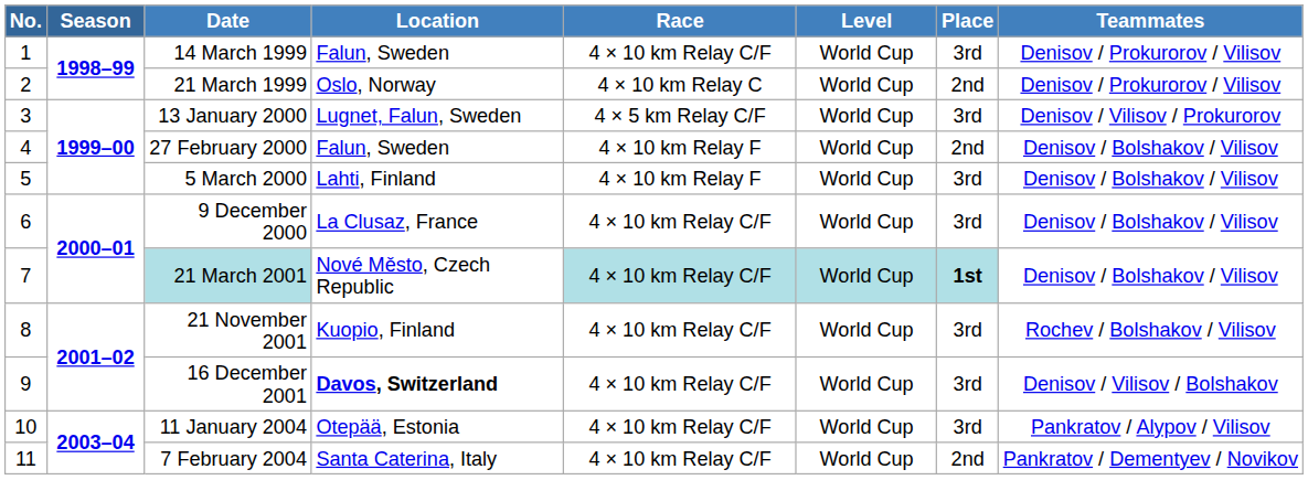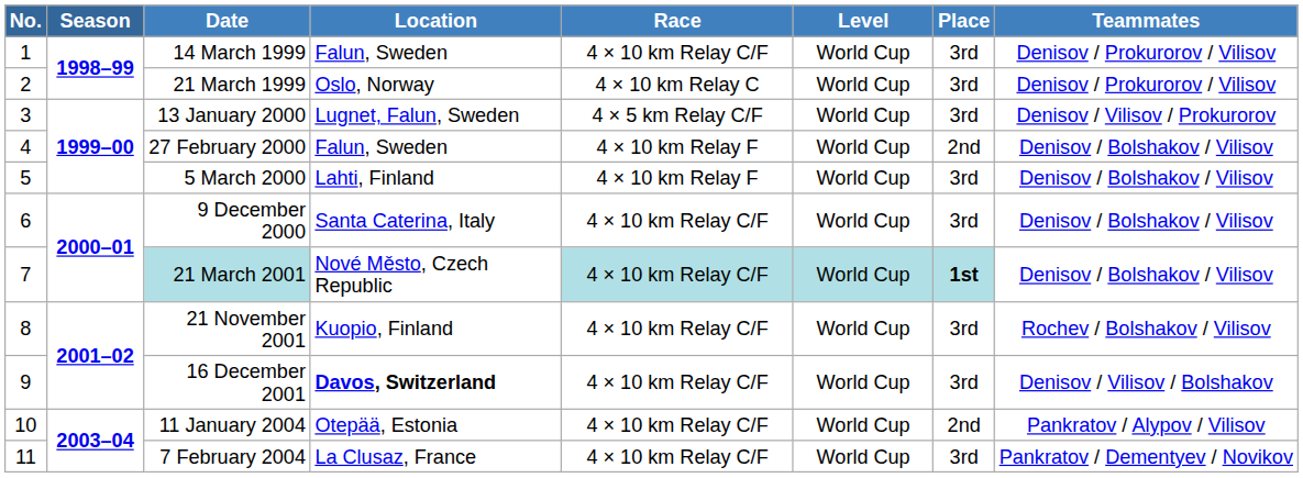 <table class="wikitable sortable" style="font-size:95%; text-align:center; border:grey solid 1px; border-collapse:collapse; background:#ffffff;">
 <tr style="background:#efefef;">
 <th style="background-color:#369; color:white;">No.</th>
 <th style="background-color:#369; color:white;">Season</th>
 <th style="background-color:#4180be; color:white; width:120px;">Date</th>
 <th style="background-color:#4180be; color:white; width:185px;">Location</th>
 <th style="background-color:#4180be; color:white; width:170px;">Race</th>
 <th style="background-color:#4180be; color:white; width:100px;">Level</th>
 <th style="background-color:#4180be; color:white;">Place</th>
 <th style="background-color:#4180be; color:white;">Teammates</th>
 </tr>
 <tr>
 <td align=center>1</td>
 <td rowspan=2 align=center><strong> <a href='#'>1998–99</a> </strong></td>
 <td align=right>14 March 1999</td>
 <td align=left> <a href='#'>Falun</a>, Sweden</td>
 <td>4 × 10 km Relay C/F</td>
 <td>World Cup</td>
 <td>3rd</td>
 <td><a href='#'>Denisov</a> / <a href='#'>Prokurorov</a> / <a href='#'>Vilisov</a></td>
 </tr>
 <tr>
 <td align=center>2</td>
 <td align=right>21 March 1999</td>
 <td align=left> <a href='#'>Oslo</a>, Norway</td>
 <td>4 × 10 km Relay C</td>
 <td>World Cup</td>
-<td>2nd</td>
+<td>3rd</td>
 <td><a href='#'>Denisov</a> / <a href='#'>Prokurorov</a> / <a href='#'>Vilisov</a></td>
 </tr>
 <tr>
 <td align=center>3</td>
 <td rowspan=3 align=center><strong> <a href='#'>1999–00</a> </strong></td>
 <td align=right>13 January 2000</td>
 <td align=left> <a href='#'>Lugnet, Falun</a>, Sweden</td>
 <td>4 × 5 km Relay C/F</td>
 <td>World Cup</td>
 <td>3rd</td>
 <td><a href='#'>Denisov</a> / <a href='#'>Vilisov</a> / <a href='#'>Prokurorov</a></td>
 </tr>
 <tr>
 <td align=center>4</td>
 <td align=right>27 February 2000</td>
 <td align=left> <a href='#'>Falun</a>, Sweden</td>
 <td>4 × 10 km Relay F</td>
 <td>World Cup</td>
 <td>2nd</td>
 <td><a href='#'>Denisov</a> / <a href='#'>Bolshakov</a> / <a href='#'>Vilisov</a></td>
 </tr>
 <tr>
 <td align=center>5</td>
 <td align=right>5 March 2000</td>
 <td align=left> <a href='#'>Lahti</a>, Finland</td>
 <td>4 × 10 km Relay F</td>
 <td>World Cup</td>
 <td>3rd</td>
 <td><a href='#'>Denisov</a> / <a href='#'>Bolshakov</a> / <a href='#'>Vilisov</a></td>
 </tr>
 <tr>
 <td align=center>6</td>
 <td rowspan=2 align=center><strong> <a href='#'>2000–01</a> </strong></td>
 <td align=right>9 December 2000</td>
-<td align=left> <a href='#'>La Clusaz</a>, France</td>
+<td align=left> <a href='#'>Santa Caterina</a>, Italy</td>
 <td>4 × 10 km Relay C/F</td>
 <td>World Cup</td>
 <td>3rd</td>
 <td><a href='#'>Denisov</a> / <a href='#'>Bolshakov</a> / <a href='#'>Vilisov</a></td>
 </tr>
 <tr>
 <td align=center>7</td>
 <td bgcolor="#BOEOE6" align=right>21 March 2001</td>
 <td align=left> <a href='#'>Nové Město</a>, Czech Republic</td>
 <td bgcolor="#BOEOE6">4 × 10 km Relay C/F</td>
 <td bgcolor="#BOEOE6">World Cup</td>
 <td bgcolor="#BOEOE6"><strong>1st</strong></td>
 <td><a href='#'>Denisov</a> / <a href='#'>Bolshakov</a> / <a href='#'>Vilisov</a></td>
 </tr>
 <tr>
 <td align=center>8</td>
 <td rowspan=2 align=center><strong> <a href='#'>2001–02</a> </strong></td>
 <td align=right>21 November 2001</td>
 <td align=left> <a href='#'>Kuopio</a>, Finland</td>
 <td>4 × 10 km Relay C/F</td>
 <td>World Cup</td>
 <td>3rd</td>
 <td><a href='#'>Rochev</a> / <a href='#'>Bolshakov</a> / <a href='#'>Vilisov</a></td>
 </tr>
 <tr>
 <td align=center>9</td>
 <td align=right>16 December 2001</td>
 <td align=left><strong> <a href='#'>Davos</a>, Switzerland</strong></td>
 <td>4 × 10 km Relay C/F</td>
 <td>World Cup</td>
 <td>3rd</td>
 <td><a href='#'>Denisov</a> / <a href='#'>Vilisov</a> / <a href='#'>Bolshakov</a></td>
 </tr>
 <tr>
 <td align=center>10</td>
 <td rowspan=2 align=center><strong> <a href='#'>2003–04</a> </strong></td>
 <td align=right>11 January 2004</td>
 <td align=left> <a href='#'>Otepää</a>, Estonia</td>
 <td>4 × 10 km Relay C/F</td>
 <td>World Cup</td>
-<td>3rd</td>
+<td>2nd</td>
 <td><a href='#'>Pankratov</a> / <a href='#'>Alypov</a> / <a href='#'>Vilisov</a></td>
 </tr>
 <tr>
 <td align=center>11</td>
 <td align=right>7 February 2004</td>
-<td align=left> <a href='#'>Santa Caterina</a>, Italy</td>
+<td align=left> <a href='#'>La Clusaz</a>, France</td>
 <td>4 × 10 km Relay C/F</td>
 <td>World Cup</td>
-<td>2nd</td>
+<td>3rd</td>
 <td><a href='#'>Pankratov</a> / <a href='#'>Dementyev</a> / <a href='#'>Novikov</a></td>
 </tr>
 </table>
